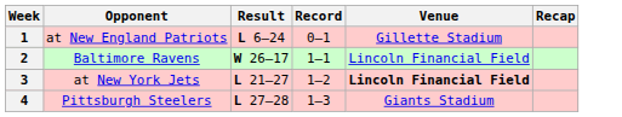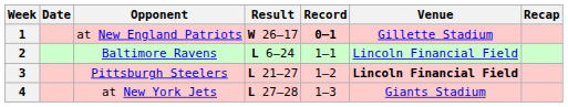 <table class="wikitable" style="text-align:center">
 <tr>
 <th>Week</th>
+<th>Date</th>
 <th>Opponent</th>
 <th>Result</th>
 <th>Record</th>
 <th>Venue</th>
 <th>Recap</th>
 </tr>
 <tr style="background:#fcc">
 <th>1</th>
+<td></td>
 <td>at <a href='#'>New England Patriots</a></td>
-<td><strong>L</strong> 6–24</td>
-<td>0–1</td>
+<td><strong>W</strong> 26–17</td>
+<td><strong>0–1</strong></td>
 <td><a href='#'>Gillette Stadium</a></td>
 <td></td>
 </tr>
 <tr style="background:#cfc">
 <th>2</th>
+<td></td>
 <td><a href='#'>Baltimore Ravens</a></td>
-<td><strong>W</strong> 26–17</td>
+<td><strong>L</strong> 6–24</td>
 <td>1–1</td>
 <td><a href='#'>Lincoln Financial Field</a></td>
 <td></td>
 </tr>
 <tr style="background:#fcc">
 <th>3</th>
-<td>at <a href='#'>New York Jets</a></td>
+<td></td>
+<td><a href='#'>Pittsburgh Steelers</a></td>
 <td><strong>L</strong> 21–27</td>
 <td>1–2</td>
 <td><strong>Lincoln Financial Field</strong></td>
 <td></td>
 </tr>
 <tr style="background:#fcc">
 <th>4</th>
-<td><a href='#'>Pittsburgh Steelers</a></td>
+<td></td>
+<td>at <a href='#'>New York Jets</a></td>
 <td><strong>L</strong> 27–28</td>
 <td>1–3</td>
 <td><a href='#'>Giants Stadium</a></td>
 <td></td>
 </tr>
 </table>
